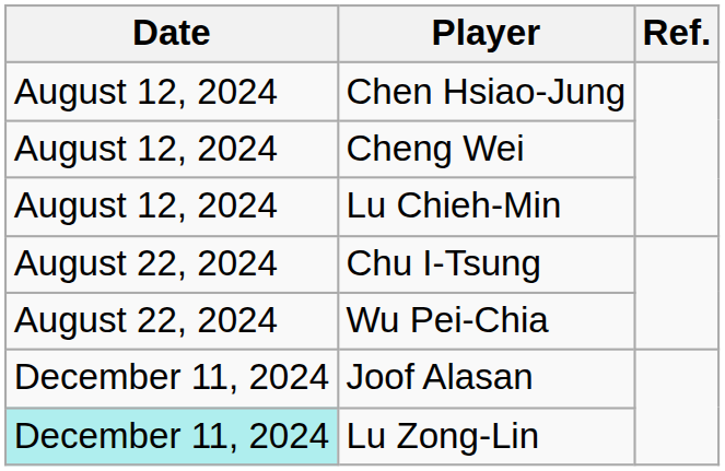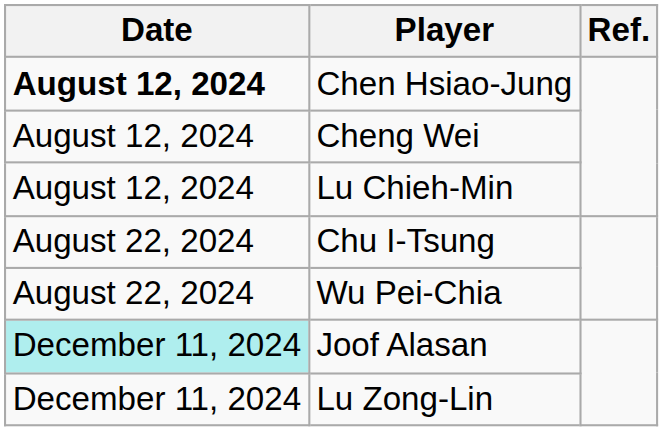 <table class="wikitable">
 <tr>
 <th>Date</th>
 <th>Player</th>
 <th>Ref.</th>
 </tr>
 <tr>
-<td>August 12, 2024</td>
+<td><strong>August 12, 2024</strong></td>
 <td>Chen Hsiao-Jung</td>
 <td rowspan=3></td>
 </tr>
 <tr>
 <td>August 12, 2024</td>
 <td>Cheng Wei</td>
 </tr>
 <tr>
 <td>August 12, 2024</td>
 <td>Lu Chieh-Min</td>
 </tr>
 <tr>
 <td>August 22, 2024</td>
 <td>Chu I-Tsung</td>
 <td rowspan=2></td>
 </tr>
 <tr>
 <td>August 22, 2024</td>
 <td>Wu Pei-Chia</td>
 </tr>
 <tr>
-<td>December 11, 2024</td>
+<td style="background: paleturquoise;">December 11, 2024</td>
 <td>Joof Alasan</td>
 <td rowspan=2></td>
 </tr>
 <tr>
-<td style="background: paleturquoise;">December 11, 2024</td>
+<td>December 11, 2024</td>
 <td>Lu Zong-Lin</td>
 </tr>
 </table>
